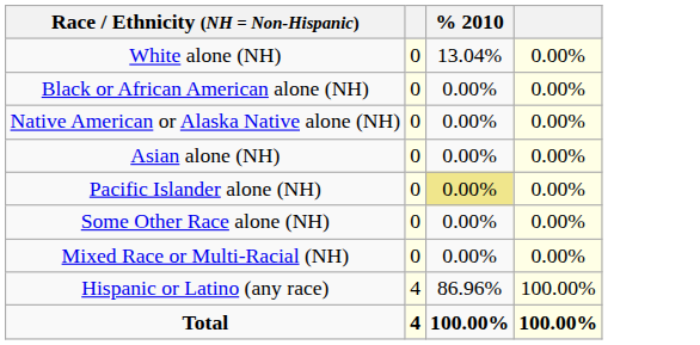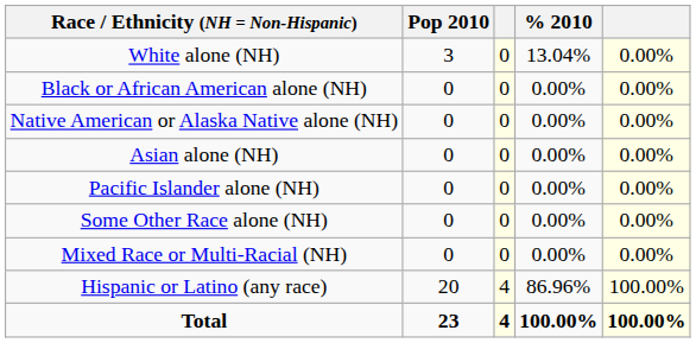 <table class="wikitable" style="text-align:center;">
 <tr>
 <th>Race / Ethnicity <small>(<em>NH = Non-Hispanic</em>)</small></th>
+<th>Pop 2010</th>
 <th></th>
 <th>% 2010</th>
 <th></th>
 </tr>
 <tr>
 <td><a href='#'>White</a> alone (NH)</td>
+<td>3</td>
 <td style='background: #ffffe6;'>0</td>
 <td>13.04%</td>
 <td style='background: #ffffe6;'>0.00%</td>
 </tr>
 <tr>
 <td><a href='#'>Black or African American</a> alone (NH)</td>
+<td>0</td>
 <td style='background: #ffffe6;'>0</td>
 <td>0.00%</td>
 <td style='background: #ffffe6;'>0.00%</td>
 </tr>
 <tr>
 <td><a href='#'>Native American</a> or <a href='#'>Alaska Native</a> alone (NH)</td>
+<td>0</td>
 <td style='background: #ffffe6;'>0</td>
 <td>0.00%</td>
 <td style='background: #ffffe6;'>0.00%</td>
 </tr>
 <tr>
 <td><a href='#'>Asian</a> alone (NH)</td>
+<td>0</td>
 <td style='background: #ffffe6;'>0</td>
 <td>0.00%</td>
 <td style='background: #ffffe6;'>0.00%</td>
 </tr>
 <tr>
 <td><a href='#'>Pacific Islander</a> alone (NH)</td>
+<td>0</td>
 <td style='background: #ffffe6;'>0</td>
-<td style="background: khaki;">0.00%</td>
+<td>0.00%</td>
 <td style='background: #ffffe6;'>0.00%</td>
 </tr>
 <tr>
 <td><a href='#'>Some Other Race</a> alone (NH)</td>
+<td>0</td>
 <td style='background: #ffffe6;'>0</td>
 <td>0.00%</td>
 <td style='background: #ffffe6;'>0.00%</td>
 </tr>
 <tr>
 <td><a href='#'>Mixed Race or Multi-Racial</a> (NH)</td>
+<td>0</td>
 <td style='background: #ffffe6;'>0</td>
 <td>0.00%</td>
 <td style='background: #ffffe6;'>0.00%</td>
 </tr>
 <tr>
 <td><a href='#'>Hispanic or Latino</a> (any race)</td>
+<td>20</td>
 <td style='background: #ffffe6;'>4</td>
 <td>86.96%</td>
 <td style='background: #ffffe6;'>100.00%</td>
 </tr>
 <tr>
 <td><strong>Total</strong></td>
+<td><strong>23</strong></td>
 <td style='background: #ffffe6;'><strong>4</strong></td>
 <td><strong>100.00%</strong></td>
 <td style='background: #ffffe6;'><strong>100.00%</strong></td>
 </tr>
 </table>
